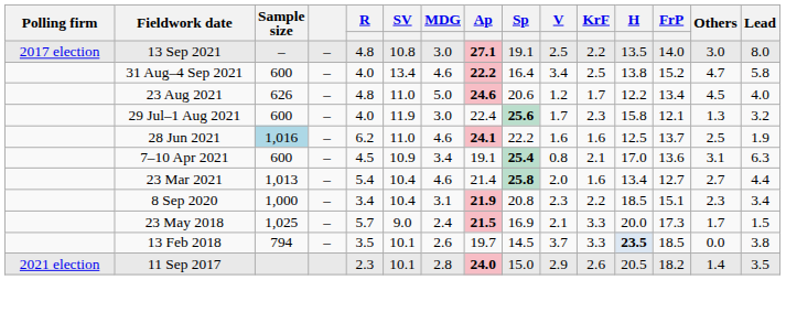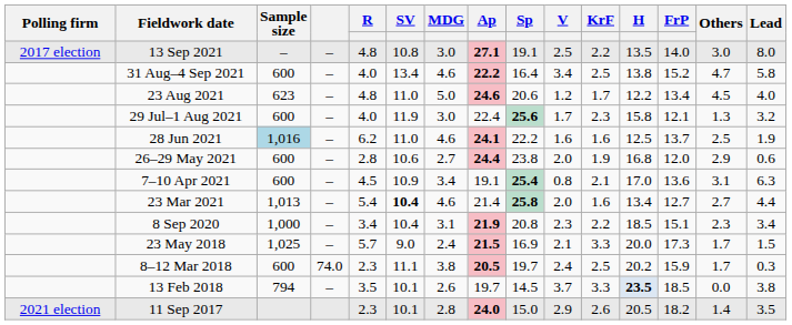 <table class="wikitable mw-collapsible sortable" style="text-align:center;font-size:90%;line-height:14px;">
 <tr>
 <th rowspan="2" style="width:100px;">Polling firm</th>
 <th rowspan="2" style="width:130px;">Fieldwork date</th>
 <th rowspan="2" style="width:35px;">Sample<br>size</th>
 <th rowspan="2" style="width:30px;"></th>
 <th class="unsortable" style="width:30px;"><a href='#'>R</a></th>
 <th class="unsortable" style="width:30px;"><a href='#'>SV</a></th>
 <th class="unsortable" style="width:30px;"><a href='#'>MDG</a></th>
 <th class="unsortable" style="width:30px;"><a href='#'>Ap</a></th>
 <th class="unsortable" style="width:30px;"><a href='#'>Sp</a></th>
 <th class="unsortable" style="width:30px;"><a href='#'>V</a></th>
 <th class="unsortable" style="width:30px;"><a href='#'>KrF</a></th>
 <th class="unsortable" style="width:30px;"><a href='#'>H</a></th>
 <th class="unsortable" style="width:30px;"><a href='#'>FrP</a></th>
 <th class="unsortable" style="width:20px;" rowspan="2">Others</th>
 <th rowspan="2" style="width:30px;">Lead</th>
 </tr>
 <tr>
 <th style="background:"></th>
 <th style="background:"></th>
 <th style="background:"></th>
 <th style="background:"></th>
 <th style="background:"></th>
 <th style="background:"></th>
 <th style="background:"></th>
 <th style="background:"></th>
 <th style="background:"></th>
 </tr>
 <tr style="background:#E9E9E9;">
 <td><a href='#'>2017 election</a></td>
 <td>13 Sep 2021</td>
 <td>–</td>
 <td>–</td>
 <td>4.8</td>
 <td>10.8</td>
 <td>3.0</td>
 <td style="background:#F7BDC5;"><strong>27.1</strong></td>
 <td>19.1</td>
 <td>2.5</td>
 <td>2.2</td>
 <td>13.5</td>
 <td>14.0</td>
 <td>3.0</td>
 <td style="background:">8.0</td>
 </tr>
 <tr>
 <td></td>
 <td>31 Aug–4 Sep 2021</td>
 <td>600</td>
 <td>–</td>
 <td>4.0</td>
 <td>13.4</td>
 <td>4.6</td>
 <td style="background:#F7BDC5;"><strong>22.2</strong></td>
 <td>16.4</td>
 <td>3.4</td>
 <td>2.5</td>
 <td>13.8</td>
 <td>15.2</td>
 <td>4.7</td>
 <td style="background:">5.8</td>
 </tr>
 <tr>
 <td></td>
 <td>23 Aug 2021</td>
-<td>626</td>
+<td>623</td>
 <td>–</td>
 <td>4.8</td>
 <td>11.0</td>
 <td>5.0</td>
 <td style="background:#F7BDC5;"><strong>24.6</strong></td>
 <td>20.6</td>
 <td>1.2</td>
 <td>1.7</td>
 <td>12.2</td>
 <td>13.4</td>
 <td>4.5</td>
 <td style="background:">4.0</td>
 </tr>
 <tr>
 <td></td>
 <td>29 Jul–1 Aug 2021</td>
 <td>600</td>
 <td>–</td>
 <td>4.0</td>
 <td>11.9</td>
 <td>3.0</td>
 <td>22.4</td>
 <td style="background:#BADECC;"><strong>25.6</strong></td>
 <td>1.7</td>
 <td>2.3</td>
 <td>15.8</td>
 <td>12.1</td>
 <td>1.3</td>
 <td style="background:">3.2</td>
 </tr>
 <tr>
 <td></td>
 <td>28 Jun 2021</td>
 <td style="background: lightblue;">1,016</td>
 <td>–</td>
 <td>6.2</td>
 <td>11.0</td>
 <td>4.6</td>
 <td style="background:#F7BDC5;"><strong>24.1</strong></td>
 <td>22.2</td>
 <td>1.6</td>
 <td>1.6</td>
 <td>12.5</td>
 <td>13.7</td>
 <td>2.5</td>
 <td style="background:">1.9</td>
 </tr>
 <tr>
 <td></td>
+<td>26–29 May 2021</td>
+<td>600</td>
+<td>–</td>
+<td>2.8</td>
+<td>10.6</td>
+<td>2.7</td>
+<td style="background:#F7BDC5;"><strong>24.4</strong></td>
+<td>23.8</td>
+<td>2.0</td>
+<td>1.9</td>
+<td>16.8</td>
+<td>12.0</td>
+<td>2.9</td>
+<td style="background:">0.6</td>
+</tr>
+<tr>
+<td></td>
 <td>7–10 Apr 2021</td>
 <td>600</td>
 <td>–</td>
 <td>4.5</td>
 <td>10.9</td>
 <td>3.4</td>
 <td>19.1</td>
 <td style="background:#BADECC;"><strong>25.4</strong></td>
 <td>0.8</td>
 <td>2.1</td>
 <td>17.0</td>
 <td>13.6</td>
 <td>3.1</td>
 <td style="background:">6.3</td>
 </tr>
 <tr>
 <td></td>
 <td>23 Mar 2021</td>
 <td>1,013</td>
 <td>–</td>
 <td>5.4</td>
-<td>10.4</td>
+<td><strong>10.4</strong></td>
 <td>4.6</td>
 <td>21.4</td>
 <td style="background:#BADECC;"><strong>25.8</strong></td>
 <td>2.0</td>
 <td>1.6</td>
 <td>13.4</td>
 <td>12.7</td>
 <td>2.7</td>
 <td style="background:">4.4</td>
 </tr>
 <tr>
 <td></td>
 <td>8 Sep 2020</td>
 <td>1,000</td>
 <td>–</td>
 <td>3.4</td>
 <td>10.4</td>
 <td>3.1</td>
 <td style="background:#F7BDC5;"><strong>21.9</strong></td>
 <td>20.8</td>
 <td>2.3</td>
 <td>2.2</td>
 <td>18.5</td>
 <td>15.1</td>
 <td>2.3</td>
 <td style="background:">3.4</td>
 </tr>
 <tr>
 <td></td>
 <td>23 May 2018</td>
 <td>1,025</td>
 <td>–</td>
 <td>5.7</td>
 <td>9.0</td>
 <td>2.4</td>
 <td style="background:#F7BDC5;"><strong>21.5</strong></td>
 <td>16.9</td>
 <td>2.1</td>
 <td>3.3</td>
 <td>20.0</td>
 <td>17.3</td>
 <td>1.7</td>
 <td style="background:">1.5</td>
 </tr>
 <tr>
 <td></td>
+<td>8–12 Mar 2018</td>
+<td>600</td>
+<td>74.0</td>
+<td>2.3</td>
+<td>11.1</td>
+<td>3.8</td>
+<td style="background:#F7BDC5;"><strong>20.5</strong></td>
+<td>19.7</td>
+<td>2.4</td>
+<td>2.5</td>
+<td>20.2</td>
+<td>15.9</td>
+<td>1.7</td>
+<td style="background:">0.3</td>
+</tr>
+<tr>
+<td></td>
 <td>13 Feb 2018</td>
 <td>794</td>
 <td>–</td>
 <td>3.5</td>
 <td>10.1</td>
 <td>2.6</td>
 <td>19.7</td>
 <td>14.5</td>
 <td>3.7</td>
 <td>3.3</td>
 <td style="background:#DCE7F3;"><strong>23.5</strong></td>
 <td>18.5</td>
 <td>0.0</td>
 <td style="background:">3.8</td>
 </tr>
 <tr style="background:#E9E9E9;">
 <td><a href='#'>2021 election</a></td>
 <td>11 Sep 2017</td>
 <td></td>
 <td></td>
 <td>2.3</td>
 <td>10.1</td>
 <td>2.8</td>
 <td style="background:#F7BDC5;"><strong>24.0</strong></td>
 <td>15.0</td>
 <td>2.9</td>
 <td>2.6</td>
 <td>20.5</td>
 <td>18.2</td>
 <td>1.4</td>
 <td style="background:">3.5</td>
 </tr>
 </table>
